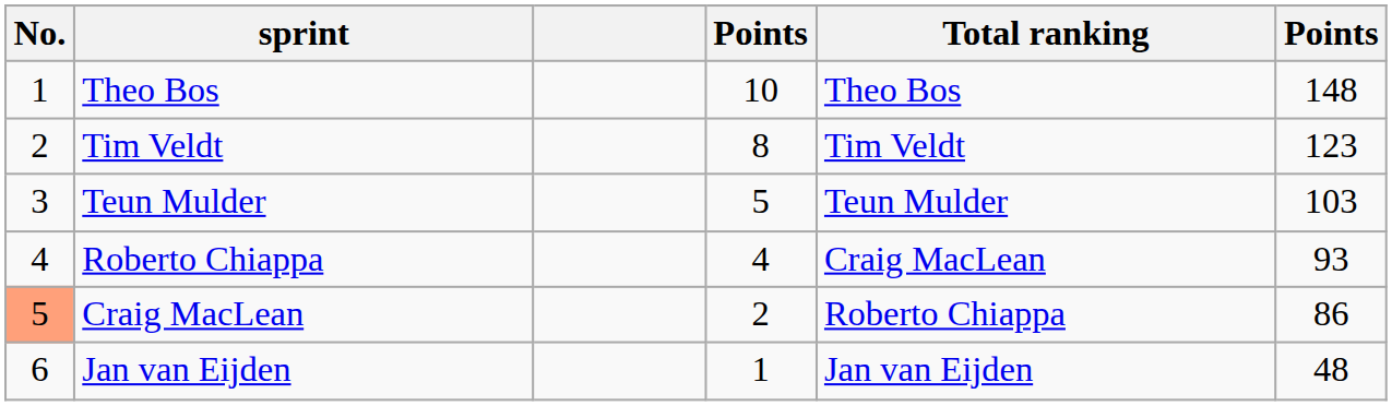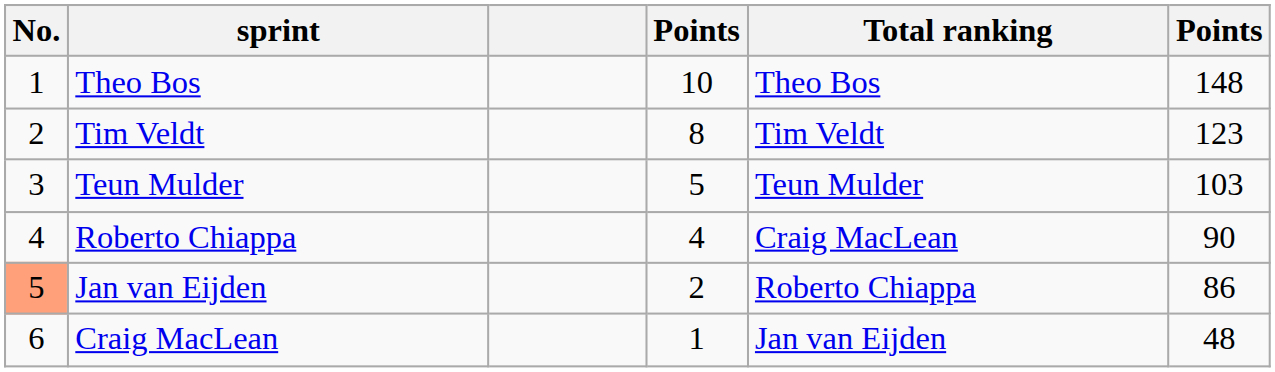 <table class="wikitable">
 <tr>
 <th width="20px">No.</th>
 <th width="200px">sprint</th>
 <th width="70px"></th>
 <th width="40px">Points</th>
 <th width="200px">Total ranking</th>
 <th width="40px">Points</th>
 </tr>
 <tr align=center>
 <td>1</td>
 <td align=left> <a href='#'>Theo Bos</a></td>
 <td></td>
 <td>10</td>
 <td align=left> <a href='#'>Theo Bos</a></td>
 <td>148</td>
 </tr>
 <tr align=center>
 <td>2</td>
 <td align=left> <a href='#'>Tim Veldt</a></td>
 <td></td>
 <td>8</td>
 <td align=left> <a href='#'>Tim Veldt</a></td>
 <td>123</td>
 </tr>
 <tr align=center>
 <td>3</td>
 <td align=left> <a href='#'>Teun Mulder</a></td>
 <td></td>
 <td>5</td>
 <td align=left> <a href='#'>Teun Mulder</a></td>
 <td>103</td>
 </tr>
 <tr align=center>
 <td>4</td>
 <td align=left> <a href='#'>Roberto Chiappa</a></td>
 <td></td>
 <td>4</td>
 <td align=left> <a href='#'>Craig MacLean</a></td>
-<td>93</td>
+<td>90</td>
 </tr>
 <tr align=center>
 <td style="background: lightsalmon;">5</td>
-<td align=left> <a href='#'>Craig MacLean</a></td>
+<td align=left> <a href='#'>Jan van Eijden</a></td>
 <td></td>
 <td>2</td>
 <td align=left> <a href='#'>Roberto Chiappa</a></td>
 <td>86</td>
 </tr>
 <tr align=center>
 <td>6</td>
-<td align=left> <a href='#'>Jan van Eijden</a></td>
+<td align=left> <a href='#'>Craig MacLean</a></td>
 <td></td>
 <td>1</td>
 <td align=left> <a href='#'>Jan van Eijden</a></td>
 <td>48</td>
 </tr>
 </table>
